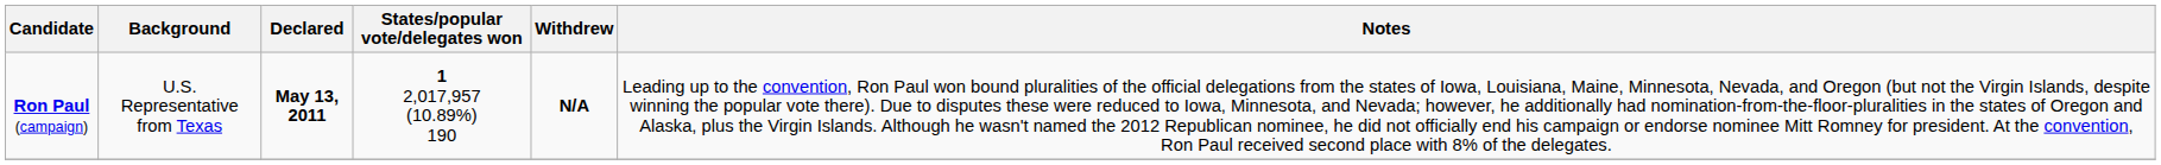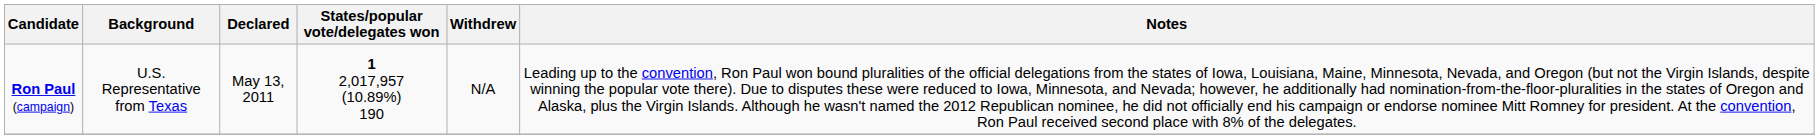 <table class=wikitable style="text-align:center">
 <tr>
 <th>Candidate</th>
 <th>Background</th>
 <th>Declared</th>
 <th>States/popular vote/delegates won</th>
 <th>Withdrew</th>
 <th>Notes</th>
 </tr>
 <tr>
 <td><br><strong><a href='#'>Ron Paul</a></strong><br><small>(<a href='#'>campaign</a>)</small></td>
 <td>U.S. Representative from <a href='#'>Texas</a></td>
-<td><strong>May 13, 2011</strong></td>
+<td>May 13, 2011</td>
 <td><strong>1</strong><br>2,017,957<br>(10.89%)<br>190</td>
-<td><strong>N/A</strong></td>
+<td>N/A</td>
 <td><br>Leading up to the <a href='#'>convention</a>, Ron Paul won bound pluralities of the official delegations from the states of Iowa, Louisiana, Maine, Minnesota, Nevada, and Oregon (but not the Virgin Islands, despite winning the popular vote there). Due to disputes these were reduced to Iowa, Minnesota, and Nevada; however, he additionally had nomination-from-the-floor-pluralities in the states of Oregon and Alaska, plus the Virgin Islands. Although he wasn't named the 2012 Republican nominee, he did not officially end his campaign or endorse nominee Mitt Romney for president. At the <a href='#'>convention</a>, Ron Paul received second place with 8% of the delegates.</td>
 </tr>
 <tr>
 </tr>
 </table>
